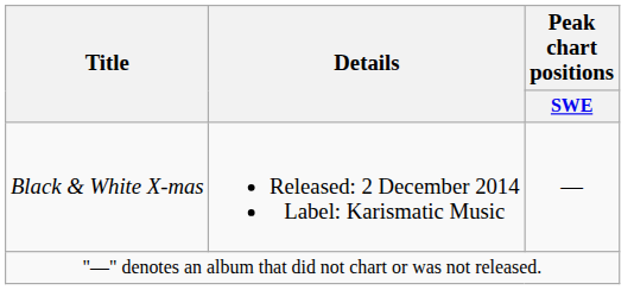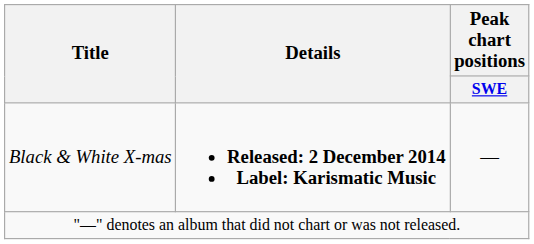 <table class="wikitable plainrowheaders" style="text-align:center;">
 <tr>
 <th scope="col" rowspan="2">Title</th>
 <th scope="col" rowspan="2">Details</th>
 <th scope="col">Peak chart positions</th>
 </tr>
 <tr>
 <th scope="col" style="width:3em;font-size:85%;"><a href='#'>SWE</a></th>
 </tr>
 <tr>
 <td scope="row"><em>Black & White X-mas</em></td>
-<td><br><ul><li>Released: 2 December 2014</li><li>Label: Karismatic Music</li></ul></td>
+<td><strong><br><ul><li>Released: 2 December 2014</li><li>Label: Karismatic Music</li></ul></strong></td>
 <td>—</td>
 </tr>
 <tr>
 <td colspan="20" style="text-align:center; font-size:85%;">"—" denotes an album that did not chart or was not released.</td>
 </tr>
 </table>
